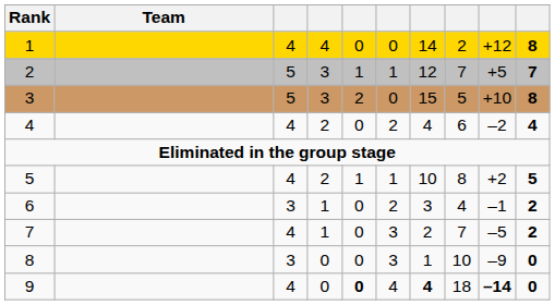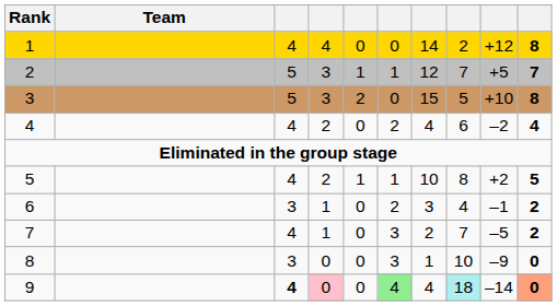 <table class="wikitable" style="text-align:center">
 <tr>
 <th width=20>Rank</th>
 <th width=200>Team</th>
 <th width="25"></th>
 <th width="25"></th>
 <th width="25"></th>
 <th width="25"></th>
 <th width="25"></th>
 <th width="25"></th>
 <th width="25"></th>
 <th width="25"></th>
 </tr>
 <tr style="background:gold;">
 <td>1</td>
 <td style="text-align:left;"></td>
 <td>4</td>
 <td>4</td>
 <td>0</td>
 <td>0</td>
 <td>14</td>
 <td>2</td>
 <td>+12</td>
 <td><strong>8</strong></td>
 </tr>
 <tr style="background:silver;">
 <td>2</td>
 <td style="text-align:left;"></td>
 <td>5</td>
 <td>3</td>
 <td>1</td>
 <td>1</td>
 <td>12</td>
 <td>7</td>
 <td>+5</td>
 <td><strong>7</strong></td>
 </tr>
 <tr style="background:#cc9966;">
 <td>3</td>
 <td style="text-align:left;"></td>
 <td>5</td>
 <td>3</td>
 <td>2</td>
 <td>0</td>
 <td>15</td>
 <td>5</td>
 <td>+10</td>
 <td><strong>8</strong></td>
 </tr>
 <tr>
 <td>4</td>
 <td style="text-align:left;"></td>
 <td>4</td>
 <td>2</td>
 <td>0</td>
 <td>2</td>
 <td>4</td>
 <td>6</td>
 <td>–2</td>
 <td><strong>4</strong></td>
 </tr>
 <tr>
 <td colspan=14><strong>Eliminated in the group stage</strong></td>
 </tr>
 <tr>
 <td>5</td>
 <td style="text-align:left;"></td>
 <td>4</td>
 <td>2</td>
 <td>1</td>
 <td>1</td>
 <td>10</td>
 <td>8</td>
 <td>+2</td>
 <td><strong>5</strong></td>
 </tr>
 <tr>
 <td>6</td>
 <td style="text-align:left;"></td>
 <td>3</td>
 <td>1</td>
 <td>0</td>
 <td>2</td>
 <td>3</td>
 <td>4</td>
 <td>–1</td>
 <td><strong>2</strong></td>
 </tr>
 <tr>
 <td>7</td>
 <td style="text-align:left;"></td>
 <td>4</td>
 <td>1</td>
 <td>0</td>
 <td>3</td>
 <td>2</td>
 <td>7</td>
 <td>–5</td>
 <td><strong>2</strong></td>
 </tr>
 <tr>
 <td>8</td>
 <td style="text-align:left;"></td>
 <td>3</td>
 <td>0</td>
 <td>0</td>
 <td>3</td>
 <td>1</td>
 <td>10</td>
 <td>–9</td>
 <td><strong>0</strong></td>
 </tr>
 <tr>
 <td>9</td>
 <td style="text-align:left;"></td>
+<td><strong>4</strong></td>
+<td style="background: pink;">0</td>
+<td>0</td>
+<td style="background: lightgreen;">4</td>
 <td>4</td>
-<td>0</td>
-<td><strong>0</strong></td>
-<td>4</td>
-<td><strong>4</strong></td>
-<td>18</td>
-<td><strong>–14</strong></td>
-<td><strong>0</strong></td>
+<td style="background: paleturquoise;">18</td>
+<td>–14</td>
+<td style="background: lightsalmon;"><strong>0</strong></td>
 </tr>
 </table>
